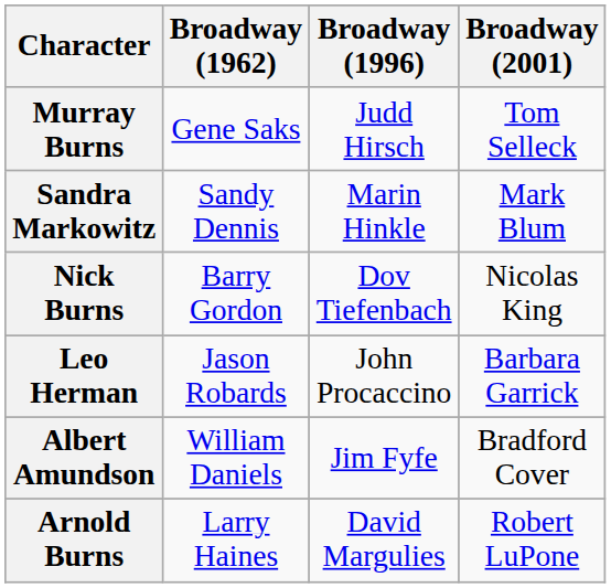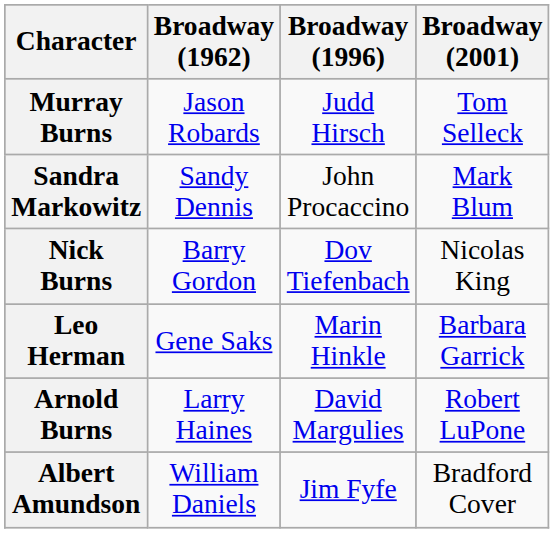 <table class="wikitable" style="width:50%; text-align:center">
 <tr>
 <th scope="col">Character</th>
 <th>Broadway (1962)</th>
 <th>Broadway (1996)</th>
 <th>Broadway (2001)</th>
 </tr>
 <tr>
 <th>Murray Burns</th>
-<td colspan="1”"><a href='#'>Gene Saks</a></td>
+<td colspan="1"><a href='#'>Jason Robards</a></td>
 <td colspan="1"><a href='#'>Judd Hirsch</a></td>
 <td colspan="1"><a href='#'>Tom Selleck</a></td>
 </tr>
 <tr>
 <th>Sandra Markowitz</th>
 <td colspan="1”"><a href='#'>Sandy Dennis</a></td>
-<td colspan="1”"><a href='#'>Marin Hinkle</a></td>
+<td colspan="1">John Procaccino</td>
 <td colspan="1"><a href='#'>Mark Blum</a></td>
 </tr>
 <tr>
 <th>Nick Burns</th>
 <td colspan="1"><a href='#'>Barry Gordon</a></td>
 <td colspan="1"><a href='#'>Dov Tiefenbach</a></td>
 <td colspan="1">Nicolas King</td>
 </tr>
 <tr>
 <th>Leo Herman</th>
-<td colspan="1"><a href='#'>Jason Robards</a></td>
-<td colspan="1">John Procaccino</td>
+<td colspan="1”"><a href='#'>Gene Saks</a></td>
+<td colspan="1”"><a href='#'>Marin Hinkle</a></td>
 <td colspan="1"><a href='#'>Barbara Garrick</a></td>
+</tr>
+<tr>
+<th>Arnold Burns</th>
+<td colspan="1"><a href='#'>Larry Haines</a></td>
+<td colspan="1"><a href='#'>David Margulies</a></td>
+<td colspan="1"><a href='#'>Robert LuPone</a></td>
 </tr>
 <tr>
 <th>Albert Amundson</th>
 <td colspan="1"><a href='#'>William Daniels</a></td>
 <td colspan="1"><a href='#'>Jim Fyfe</a></td>
 <td colspan="1">Bradford Cover</td>
 </tr>
-<tr>
-<th>Arnold Burns</th>
-<td colspan="1"><a href='#'>Larry Haines</a></td>
-<td colspan="1"><a href='#'>David Margulies</a></td>
-<td colspan="1"><a href='#'>Robert LuPone</a></td>
-</tr>
 </table>
